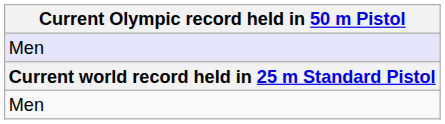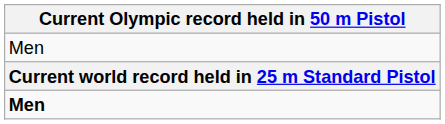 <table class="wikitable" style="font-size: 95%">
 <tr>
 <th colspan=9>Current Olympic record held in <a href='#'>50 m Pistol</a></th>
 </tr>
 <tr>
-<td style="background: lavender;">Men<br></td>
+<td>Men<br></td>
 </tr>
 <tr>
 <th colspan=9>Current world record held in <a href='#'>25 m Standard Pistol</a></th>
 </tr>
 <tr>
-<td>Men<br></td>
+<td><strong>Men<br></strong></td>
 </tr>
 </table>
